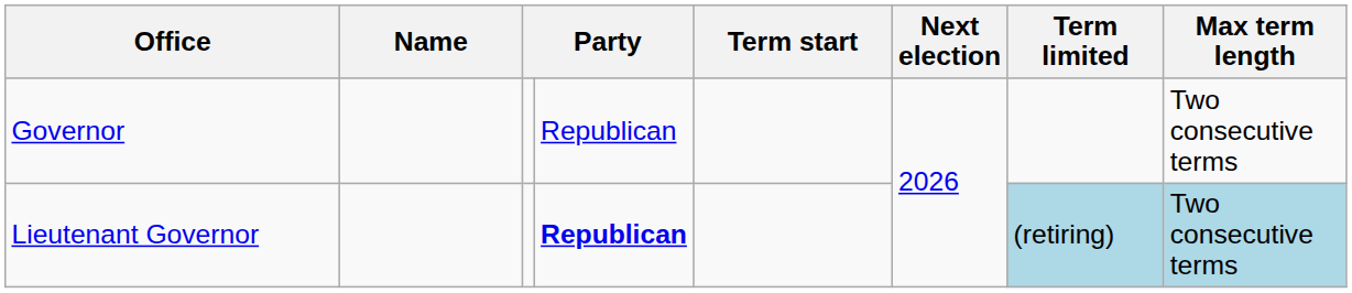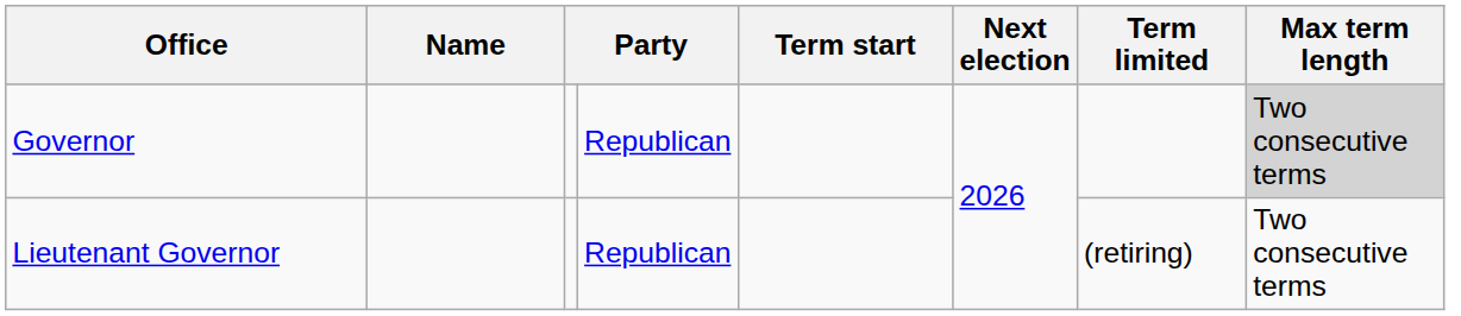 <table class="sortable wikitable">
 <tr>
 <th scope="col" width=190>Office</th>
 <th scope="col" width=100>Name</th>
 <th scope="col" width=75 colspan=2>Party</th>
 <th scope="col" width=110>Term start</th>
 <th scope="col" width=50>Next election</th>
 <th scope="col" width=85>Term limited</th>
 <th scope="col" width=100>Max term length</th>
 </tr>
 <tr>
 <td><a href='#'>Governor</a></td>
 <td></td>
 <td style="background-color:"></td>
 <td><a href='#'>Republican</a></td>
 <td></td>
 <td rowspan=2><a href='#'>2026</a></td>
 <td></td>
-<td>Two consecutive terms</td>
+<td style="background: lightgrey;">Two consecutive terms</td>
 </tr>
 <tr>
 <td><a href='#'>Lieutenant Governor</a></td>
 <td></td>
 <td style="background-color:"></td>
-<td><strong><a href='#'>Republican</a></strong></td>
+<td><a href='#'>Republican</a></td>
 <td></td>
-<td style="background: lightblue;"> (retiring)</td>
-<td style="background: lightblue;">Two consecutive terms</td>
+<td> (retiring)</td>
+<td>Two consecutive terms</td>
 </tr>
 </table>
